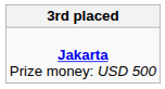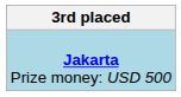 <table class="wikitable" style="text-align: center; margin: 0 auto;">
 <tr>
 <th>3rd placed</th>
 </tr>
 <tr>
-<td><br><strong><a href='#'>Jakarta</a></strong><br>Prize money: <em>USD 500</em></td>
+<td style="background: lightblue;"><br><strong><a href='#'>Jakarta</a></strong><br>Prize money: <em>USD 500</em></td>
 </tr>
 </table>
